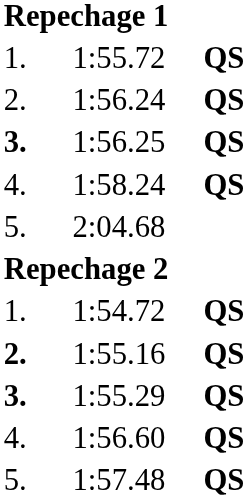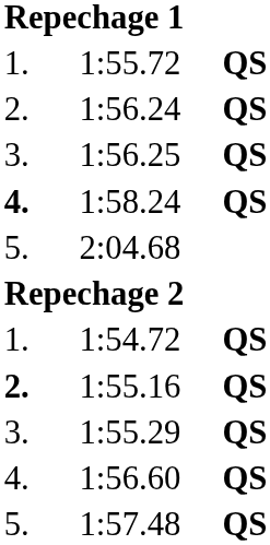 <table style="text-align:center">
 <tr>
 <td colspan=4 align=left><strong>Repechage 1</strong></td>
 </tr>
 <tr>
 <td width-30>1.</td>
 <td align=left></td>
 <td width=80>1:55.72</td>
 <td><strong>QS</strong></td>
 </tr>
 <tr>
 <td>2.</td>
 <td align=left></td>
 <td>1:56.24</td>
 <td><strong>QS</strong></td>
 </tr>
 <tr>
-<td><strong>3.</strong></td>
+<td>3.</td>
 <td align=left></td>
 <td>1:56.25</td>
 <td><strong>QS</strong></td>
 </tr>
 <tr>
-<td>4.</td>
+<td><strong>4.</strong></td>
 <td align=left></td>
 <td>1:58.24</td>
 <td><strong>QS</strong></td>
 </tr>
 <tr>
 <td>5.</td>
 <td align=left></td>
 <td>2:04.68</td>
 <td></td>
 </tr>
 <tr>
 <td colspan=4 align=left><strong>Repechage 2</strong></td>
 </tr>
 <tr>
 <td>1.</td>
 <td align=left></td>
 <td width=80>1:54.72</td>
 <td><strong>QS</strong></td>
 </tr>
 <tr>
 <td><strong>2.</strong></td>
 <td align=left></td>
 <td>1:55.16</td>
 <td><strong>QS</strong></td>
 </tr>
 <tr>
-<td><strong>3.</strong></td>
+<td>3.</td>
 <td align=left></td>
 <td>1:55.29</td>
 <td><strong>QS</strong></td>
 </tr>
 <tr>
 <td>4.</td>
 <td align=left></td>
 <td>1:56.60</td>
 <td><strong>QS</strong></td>
 </tr>
 <tr>
 <td>5.</td>
 <td align=left></td>
 <td>1:57.48</td>
 <td><strong>QS</strong></td>
 </tr>
 </table>
